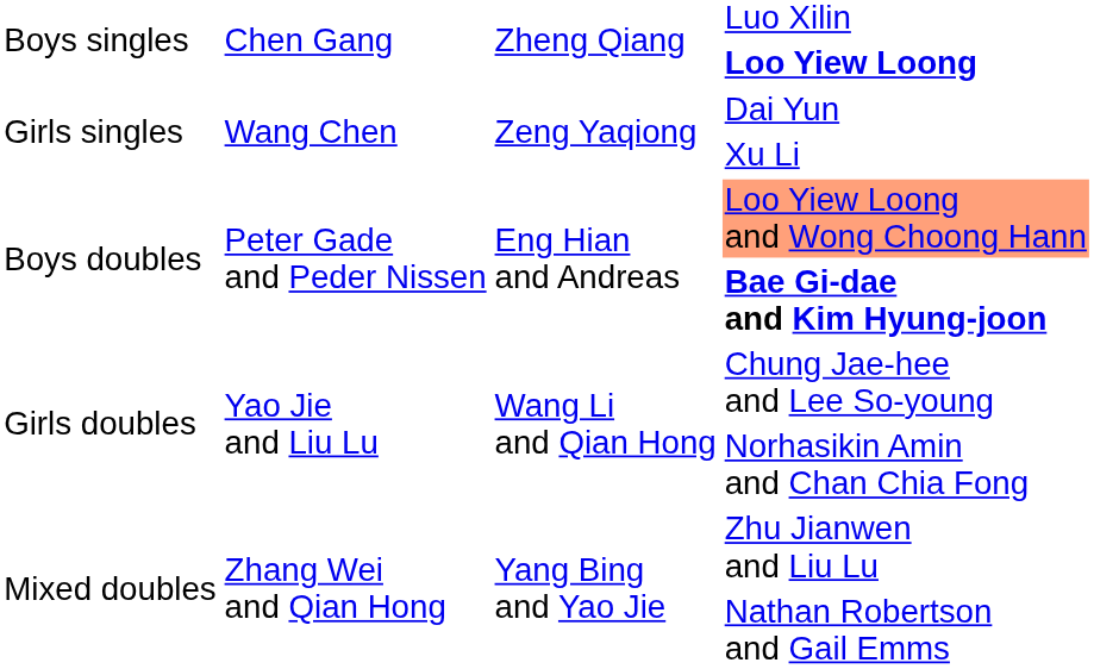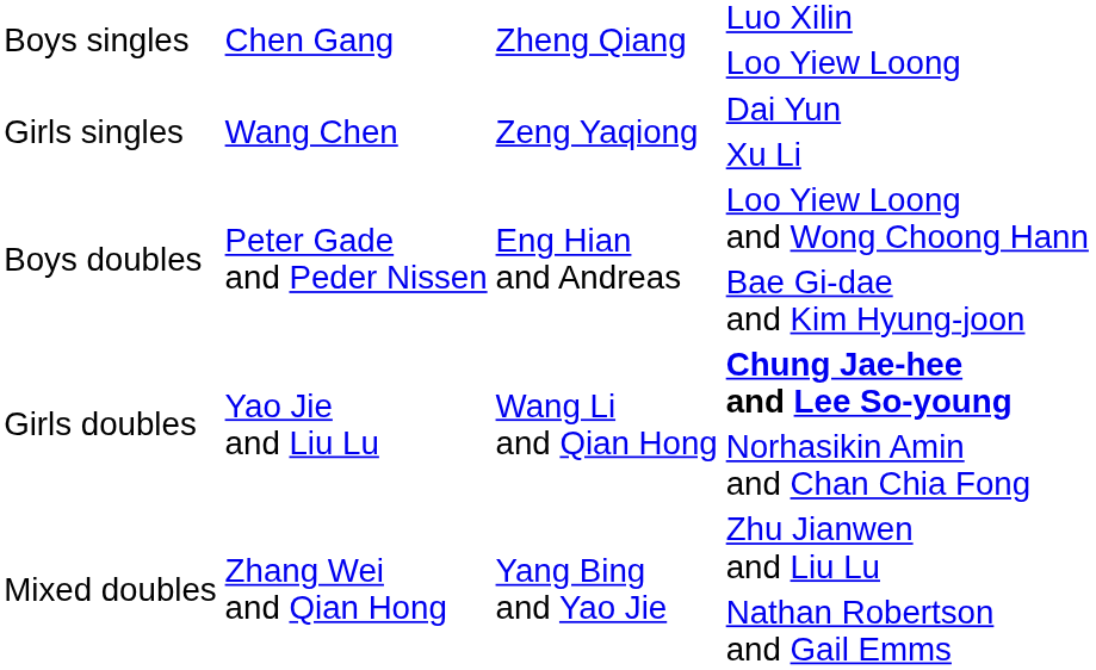 <table>
 <tr>
 <td rowspan=2>Boys singles</td>
 <td rowspan=2> <a href='#'>Chen Gang</a></td>
 <td rowspan=2> <a href='#'>Zheng Qiang</a></td>
 <td> <a href='#'>Luo Xilin</a></td>
 </tr>
 <tr>
-<td><strong> <a href='#'>Loo Yiew Loong</a></strong></td>
+<td> <a href='#'>Loo Yiew Loong</a></td>
 </tr>
 <tr>
 <td rowspan=2>Girls singles</td>
 <td rowspan=2> <a href='#'>Wang Chen</a></td>
 <td rowspan=2> <a href='#'>Zeng Yaqiong</a></td>
 <td> <a href='#'>Dai Yun</a></td>
 </tr>
 <tr>
 <td> <a href='#'>Xu Li</a></td>
 </tr>
 <tr>
 <td rowspan=2>Boys doubles</td>
 <td rowspan=2> <a href='#'>Peter Gade</a><br>and <a href='#'>Peder Nissen</a></td>
 <td rowspan=2> <a href='#'>Eng Hian</a><br>and Andreas</td>
-<td style="background: lightsalmon;"> <a href='#'>Loo Yiew Loong</a><br>and <a href='#'>Wong Choong Hann</a></td>
+<td> <a href='#'>Loo Yiew Loong</a><br>and <a href='#'>Wong Choong Hann</a></td>
 </tr>
 <tr>
-<td><strong> <a href='#'>Bae Gi-dae</a><br>and <a href='#'>Kim Hyung-joon</a></strong></td>
+<td> <a href='#'>Bae Gi-dae</a><br>and <a href='#'>Kim Hyung-joon</a></td>
 </tr>
 <tr>
 <td rowspan=2>Girls doubles</td>
 <td rowspan=2> <a href='#'>Yao Jie</a><br>and <a href='#'>Liu Lu</a></td>
 <td rowspan=2> <a href='#'>Wang Li</a><br>and <a href='#'>Qian Hong</a></td>
-<td> <a href='#'>Chung Jae-hee</a><br>and <a href='#'>Lee So-young</a></td>
+<td><strong> <a href='#'>Chung Jae-hee</a><br>and <a href='#'>Lee So-young</a></strong></td>
 </tr>
 <tr>
 <td> <a href='#'>Norhasikin Amin</a><br>and <a href='#'>Chan Chia Fong</a></td>
 </tr>
 <tr>
 <td rowspan=2>Mixed doubles</td>
 <td rowspan=2> <a href='#'>Zhang Wei</a><br>and <a href='#'>Qian Hong</a></td>
 <td rowspan=2> <a href='#'>Yang Bing</a><br>and <a href='#'>Yao Jie</a></td>
 <td> <a href='#'>Zhu Jianwen</a><br>and <a href='#'>Liu Lu</a></td>
 </tr>
 <tr>
 <td> <a href='#'>Nathan Robertson</a><br>and <a href='#'>Gail Emms</a></td>
 </tr>
 </table>
